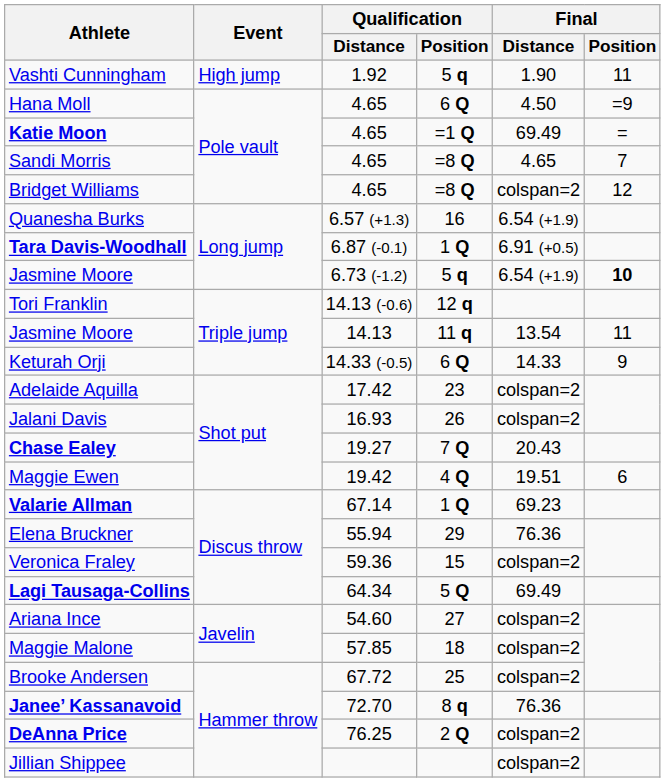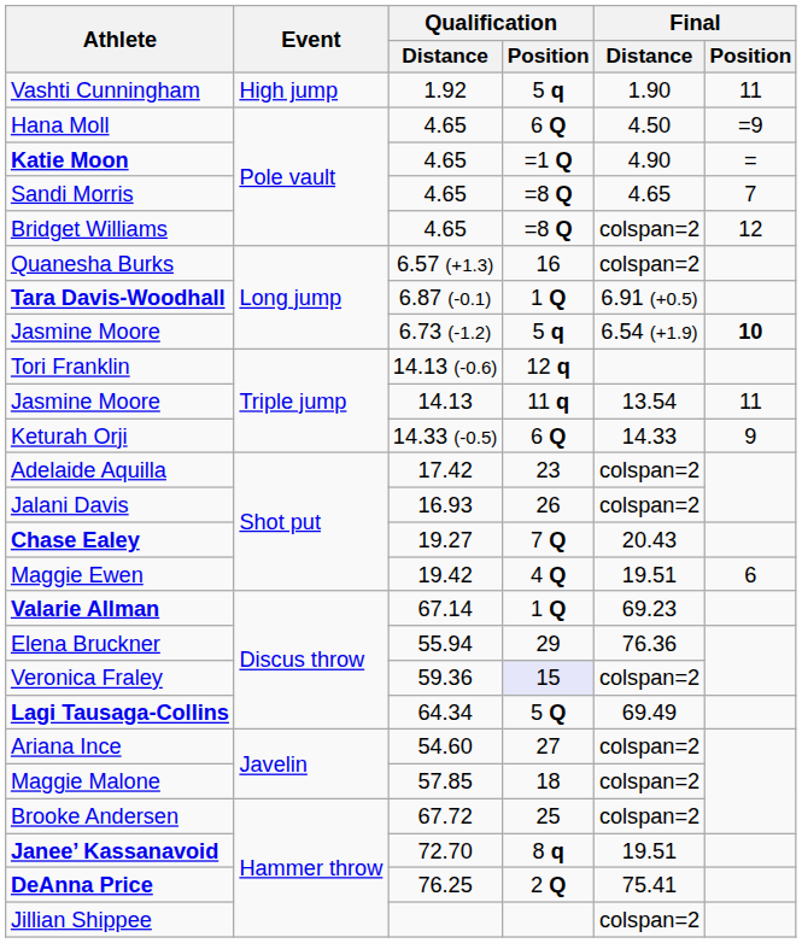 <table class="wikitable" style="font-size:90%">
 <tr>
 <th rowspan="2">Athlete</th>
 <th rowspan="2">Event</th>
 <th colspan="2">Qualification</th>
 <th colspan="2">Final</th>
 </tr>
 <tr style="font-size:95%">
 <th>Distance</th>
 <th>Position</th>
 <th>Distance</th>
 <th>Position</th>
 </tr>
 <tr align="center">
 <td align="left"><a href='#'>Vashti Cunningham</a></td>
 <td align="left"><a href='#'>High jump</a></td>
 <td>1.92</td>
 <td>5 <strong>q</strong></td>
 <td>1.90</td>
 <td>11</td>
 </tr>
 <tr align="center">
 <td align="left"><a href='#'>Hana Moll</a></td>
 <td rowspan="4" align="left"><a href='#'>Pole vault</a></td>
 <td>4.65 <strong></strong></td>
 <td>6 <strong>Q</strong></td>
 <td>4.50</td>
 <td>=9</td>
 </tr>
 <tr align="center">
 <td align="left"><strong><a href='#'>Katie Moon</a></strong></td>
 <td>4.65</td>
 <td>=1 <strong>Q</strong></td>
-<td>69.49 <strong></strong></td>
+<td>4.90 <strong></strong></td>
 <td>=</td>
 </tr>
 <tr align="center">
 <td align="left"><a href='#'>Sandi Morris</a></td>
 <td>4.65</td>
 <td>=8 <strong>Q</strong></td>
 <td>4.65</td>
 <td>7</td>
 </tr>
 <tr align="center">
 <td align="left"><a href='#'>Bridget Williams</a></td>
 <td>4.65</td>
 <td>=8 <strong>Q</strong></td>
 <td>colspan=2 </td>
 <td>12</td>
 </tr>
 <tr align="center">
 <td align="left"><a href='#'>Quanesha Burks</a></td>
 <td rowspan="3" align="left"><a href='#'>Long jump</a></td>
 <td>6.57 <small>(+1.3)</small></td>
 <td>16</td>
-<td>6.54 <small>(+1.9)</small></td>
+<td>colspan=2 </td>
 </tr>
 <tr align="center">
 <td align="left"><strong><a href='#'>Tara Davis-Woodhall</a></strong></td>
 <td>6.87 <small>(-0.1)</small></td>
 <td>1 <strong>Q</strong></td>
 <td>6.91 <small>(+0.5)</small></td>
 <td></td>
 </tr>
 <tr align="center">
 <td align="left"><a href='#'>Jasmine Moore</a></td>
 <td>6.73 <small>(-1.2)</small></td>
 <td>5 <strong>q</strong></td>
 <td>6.54 <small>(+1.9)</small></td>
 <td><strong>10</strong></td>
 </tr>
 <tr align="center">
 <td align="left"><a href='#'>Tori Franklin</a></td>
 <td rowspan="3" align="left"><a href='#'>Triple jump</a></td>
 <td>14.13 <small>(-0.6)</small></td>
 <td>12 <strong>q</strong></td>
 <td><strong></strong> </td>
 <td></td>
 </tr>
 <tr align="center">
 <td align="left"><a href='#'>Jasmine Moore</a></td>
 <td>14.13</td>
 <td>11 <strong>q</strong></td>
 <td>13.54 </td>
 <td>11</td>
 </tr>
 <tr align="center">
 <td align="left"><a href='#'>Keturah Orji</a></td>
 <td>14.33 <small>(-0.5)</small></td>
 <td>6 <strong>Q</strong></td>
 <td>14.33</td>
 <td>9</td>
 </tr>
 <tr align="center">
 <td align="left"><a href='#'>Adelaide Aquilla</a></td>
 <td rowspan="4" align="left"><a href='#'>Shot put</a></td>
 <td>17.42</td>
 <td>23</td>
 <td>colspan=2 </td>
 </tr>
 <tr align="center">
 <td align="left"><a href='#'>Jalani Davis</a></td>
 <td>16.93</td>
 <td>26</td>
 <td>colspan=2 </td>
 </tr>
 <tr align="center">
 <td align="left"><strong><a href='#'>Chase Ealey</a></strong></td>
 <td>19.27</td>
 <td>7 <strong>Q</strong></td>
 <td>20.43 <strong></strong></td>
 <td></td>
 </tr>
 <tr align="center">
 <td align="left"><a href='#'>Maggie Ewen</a></td>
 <td>19.42</td>
 <td>4 <strong>Q</strong></td>
 <td>19.51</td>
 <td>6</td>
 </tr>
 <tr align="center">
 <td align="left"><strong><a href='#'>Valarie Allman</a></strong></td>
 <td rowspan="4" align="left"><a href='#'>Discus throw</a></td>
 <td>67.14</td>
 <td>1 <strong>Q</strong></td>
 <td>69.23</td>
 <td></td>
 </tr>
 <tr align="center">
 <td align="left"><a href='#'>Elena Bruckner</a></td>
 <td>55.94</td>
 <td>29</td>
 <td>76.36</td>
 </tr>
 <tr align="center">
 <td align="left"><a href='#'>Veronica Fraley</a></td>
 <td>59.36</td>
-<td>15</td>
+<td style="background: lavender;">15</td>
 <td>colspan=2 </td>
 </tr>
 <tr align="center">
 <td align="left"><strong><a href='#'>Lagi Tausaga-Collins</a></strong></td>
 <td>64.34</td>
 <td>5 <strong>Q</strong></td>
 <td>69.49 <strong></strong></td>
 <td></td>
 </tr>
 <tr align="center">
 <td align="left"><a href='#'>Ariana Ince</a></td>
 <td rowspan="2" align="left"><a href='#'>Javelin</a></td>
 <td>54.60</td>
 <td>27</td>
 <td>colspan=2 </td>
 </tr>
 <tr align="center">
 <td align="left"><a href='#'>Maggie Malone</a></td>
 <td>57.85</td>
 <td>18</td>
 <td>colspan=2 </td>
 </tr>
 <tr align="center">
 <td align="left"><a href='#'>Brooke Andersen</a></td>
 <td rowspan="4" align="left"><a href='#'>Hammer throw</a></td>
 <td>67.72</td>
 <td>25</td>
 <td>colspan=2 </td>
 </tr>
 <tr align="center">
 <td align="left"><strong><a href='#'>Janee’ Kassanavoid</a></strong></td>
 <td>72.70</td>
 <td>8 <strong>q</strong></td>
-<td>76.36</td>
+<td>19.51</td>
 <td></td>
 </tr>
 <tr align="center">
 <td align="left"><strong><a href='#'>DeAnna Price</a></strong></td>
 <td>76.25</td>
 <td>2 <strong>Q</strong></td>
-<td>colspan=2 </td>
+<td>75.41</td>
 <td></td>
 </tr>
 <tr align="center">
 <td align="left"><a href='#'>Jillian Shippee</a></td>
 <td><strong></strong></td>
 <td></td>
 <td>colspan=2 </td>
 </tr>
 </table>
